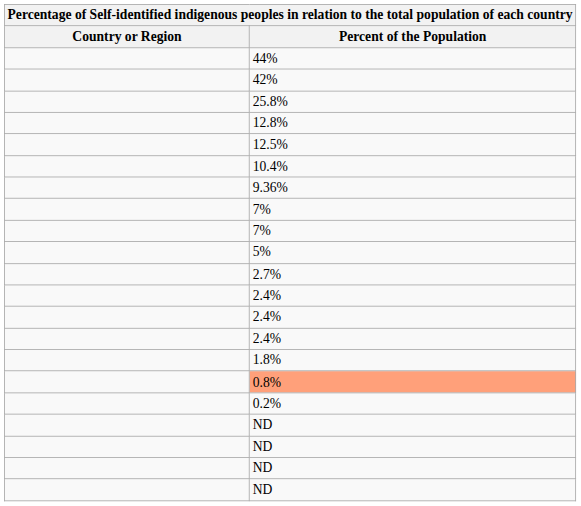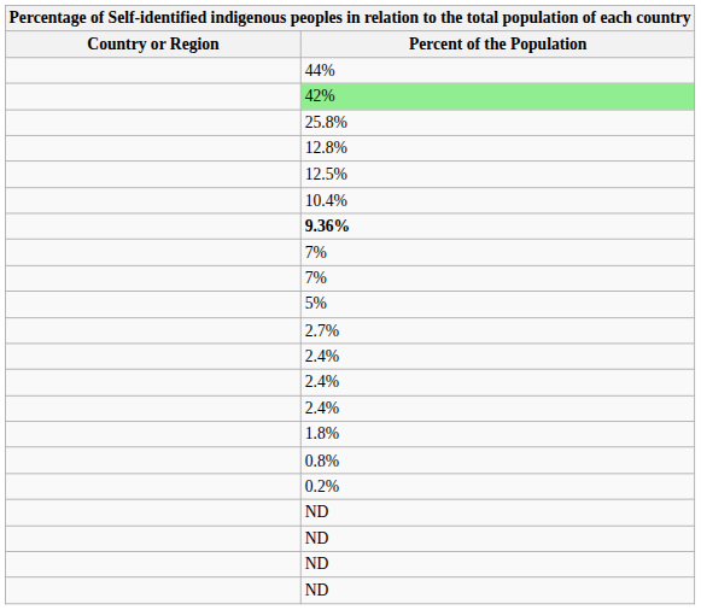 <table class="sortable wikitable">
 <tr>
 <th colspan=5>Percentage of Self-identified indigenous peoples in relation to the total population of each country</th>
 </tr>
 <tr>
 <th>Country or Region</th>
 <th>Percent of the Population</th>
 </tr>
 <tr>
 <td></td>
 <td>44%</td>
 </tr>
 <tr>
 <td></td>
-<td>42%</td>
+<td style="background: lightgreen;">42%</td>
 </tr>
 <tr>
 <td></td>
 <td>25.8%</td>
 </tr>
 <tr>
 <td></td>
 <td>12.8%</td>
 </tr>
 <tr>
 <td></td>
 <td>12.5%</td>
 </tr>
 <tr>
 <td></td>
 <td>10.4%</td>
 </tr>
 <tr>
 <td></td>
-<td>9.36%</td>
+<td><strong>9.36%</strong></td>
 </tr>
 <tr>
 <td></td>
 <td>7%</td>
 </tr>
 <tr>
 <td></td>
 <td>7%</td>
 </tr>
 <tr>
 <td></td>
 <td>5%</td>
 </tr>
 <tr>
 <td></td>
 <td>2.7%</td>
 </tr>
 <tr>
 <td></td>
 <td>2.4%</td>
 </tr>
 <tr>
 <td></td>
 <td>2.4%</td>
 </tr>
 <tr>
 <td></td>
 <td>2.4%</td>
 </tr>
 <tr>
 <td></td>
 <td>1.8%</td>
 </tr>
 <tr>
 <td></td>
-<td style="background: lightsalmon;">0.8%</td>
+<td>0.8%</td>
 </tr>
 <tr>
 <td></td>
 <td>0.2%</td>
 </tr>
 <tr>
 <td></td>
 <td>ND</td>
 </tr>
 <tr>
 <td></td>
 <td>ND</td>
 </tr>
 <tr>
 <td></td>
 <td>ND</td>
 </tr>
 <tr>
 <td></td>
 <td>ND</td>
 </tr>
 </table>
